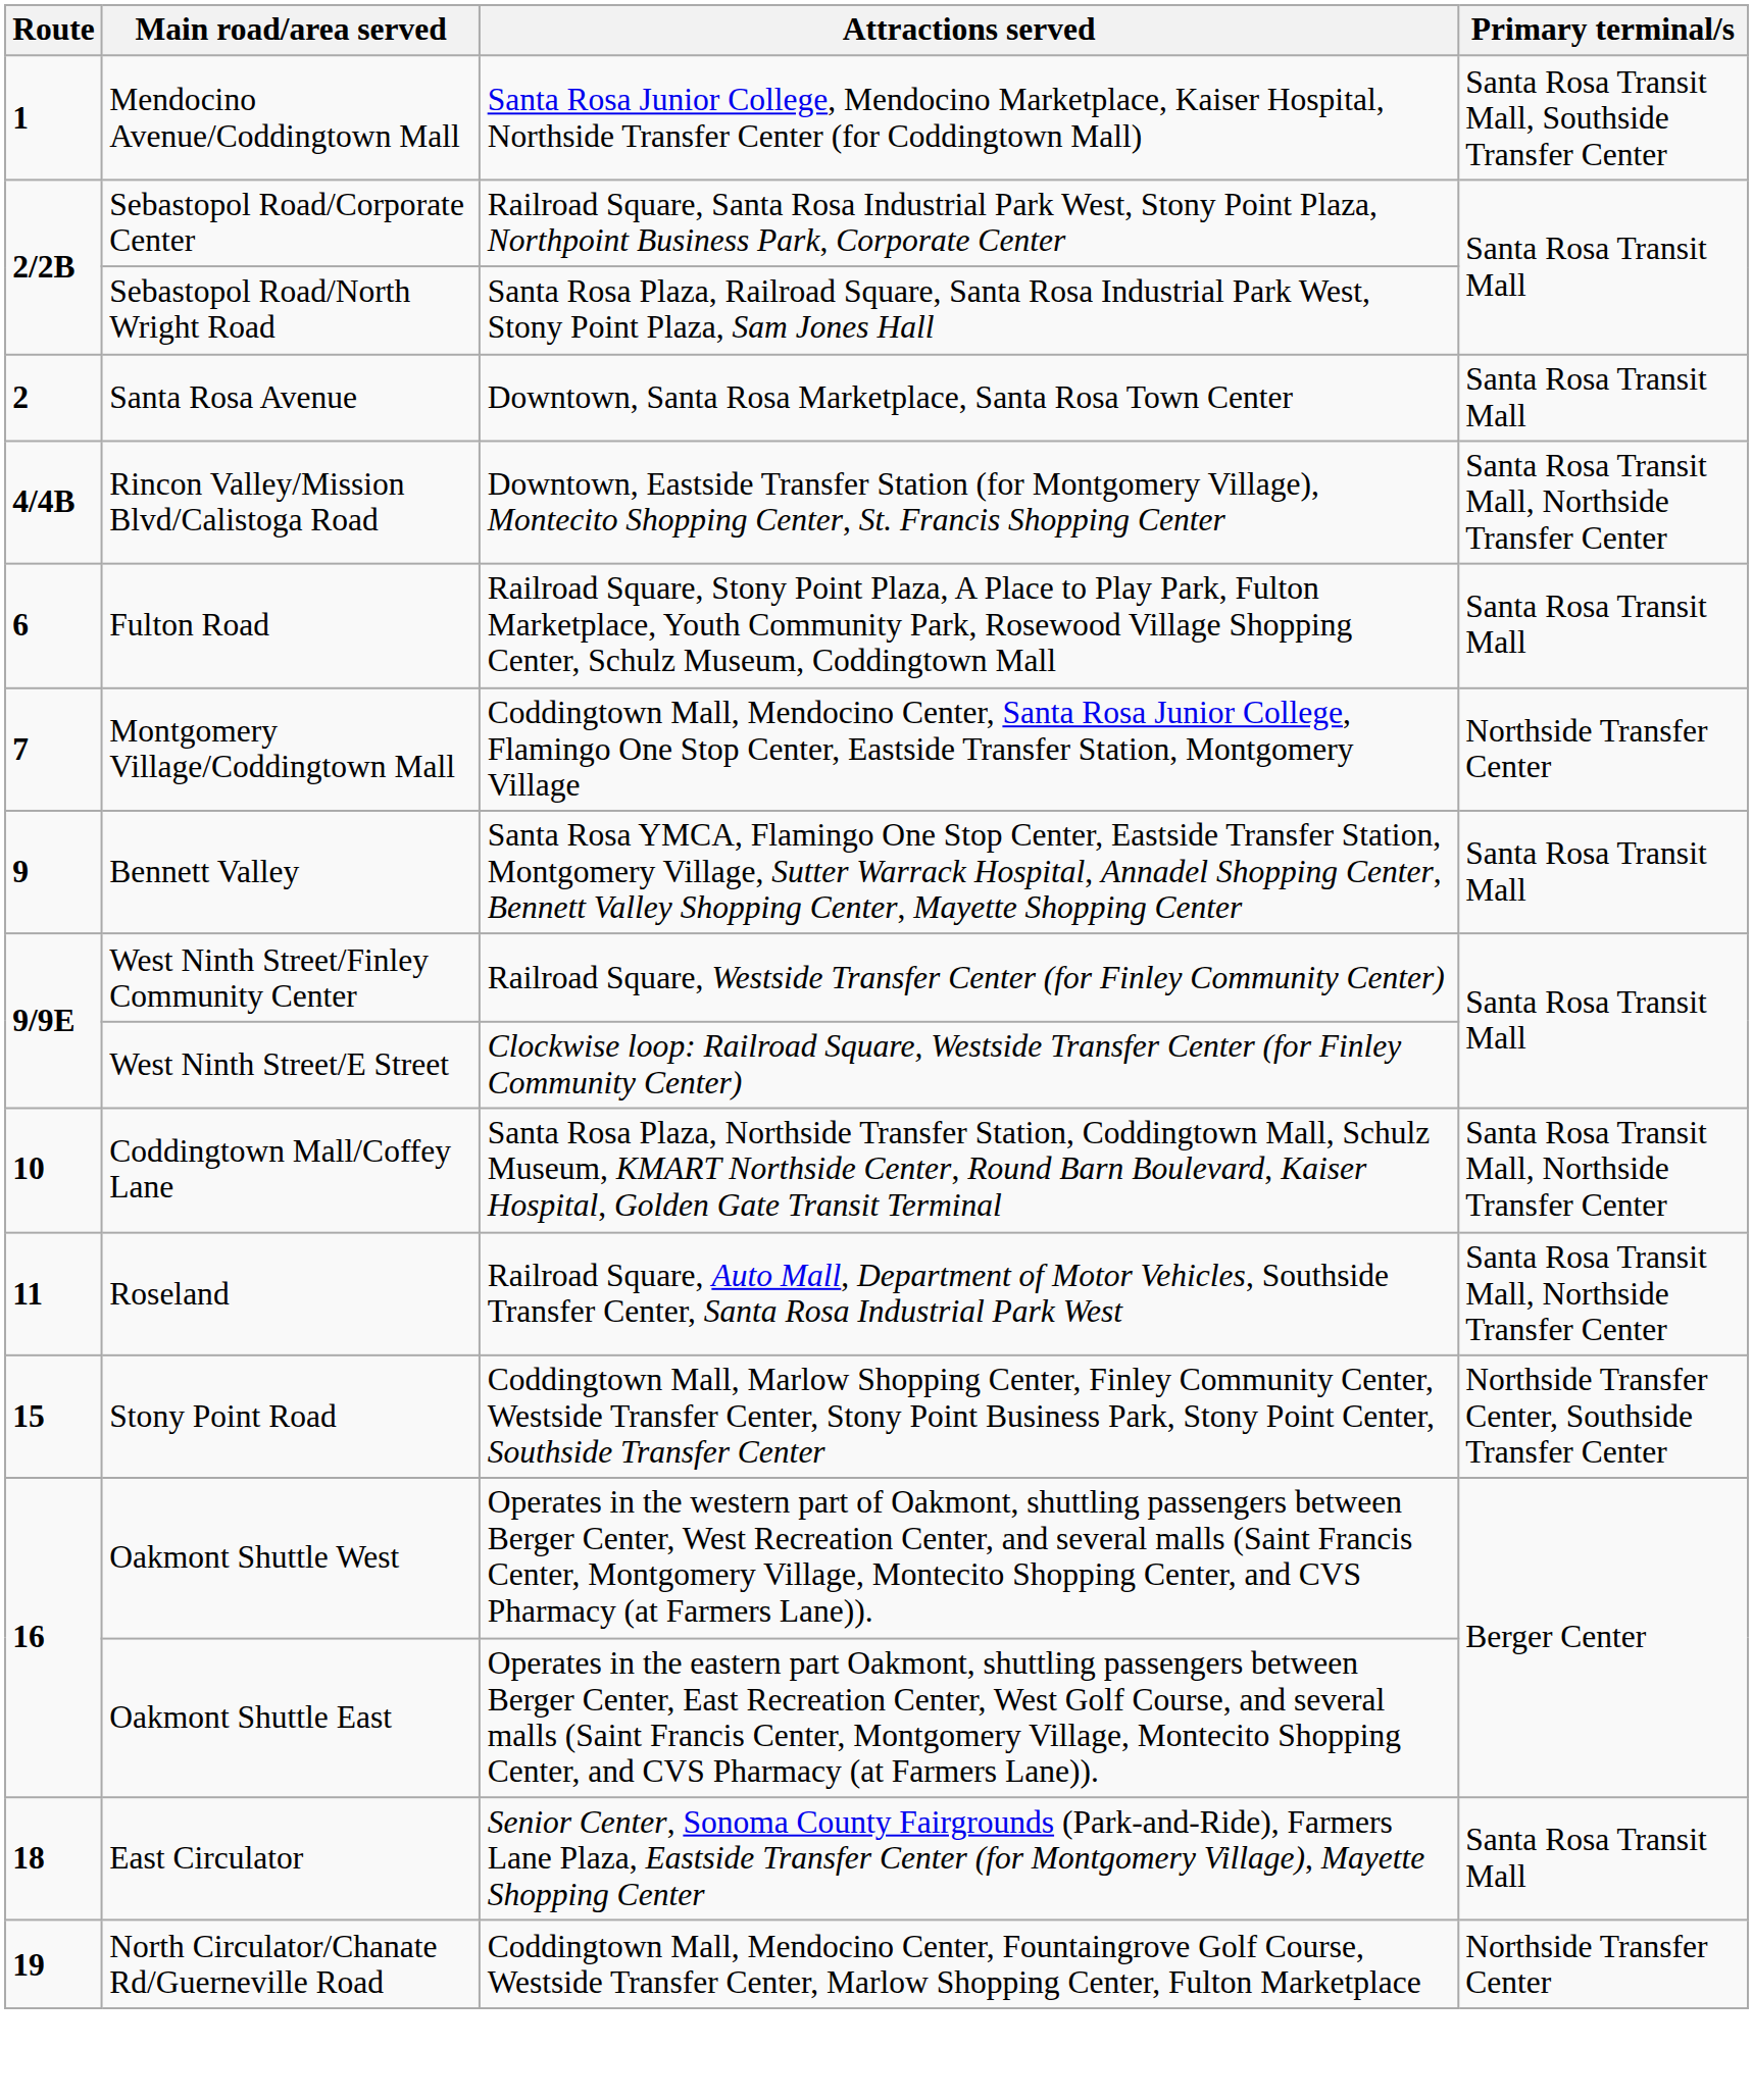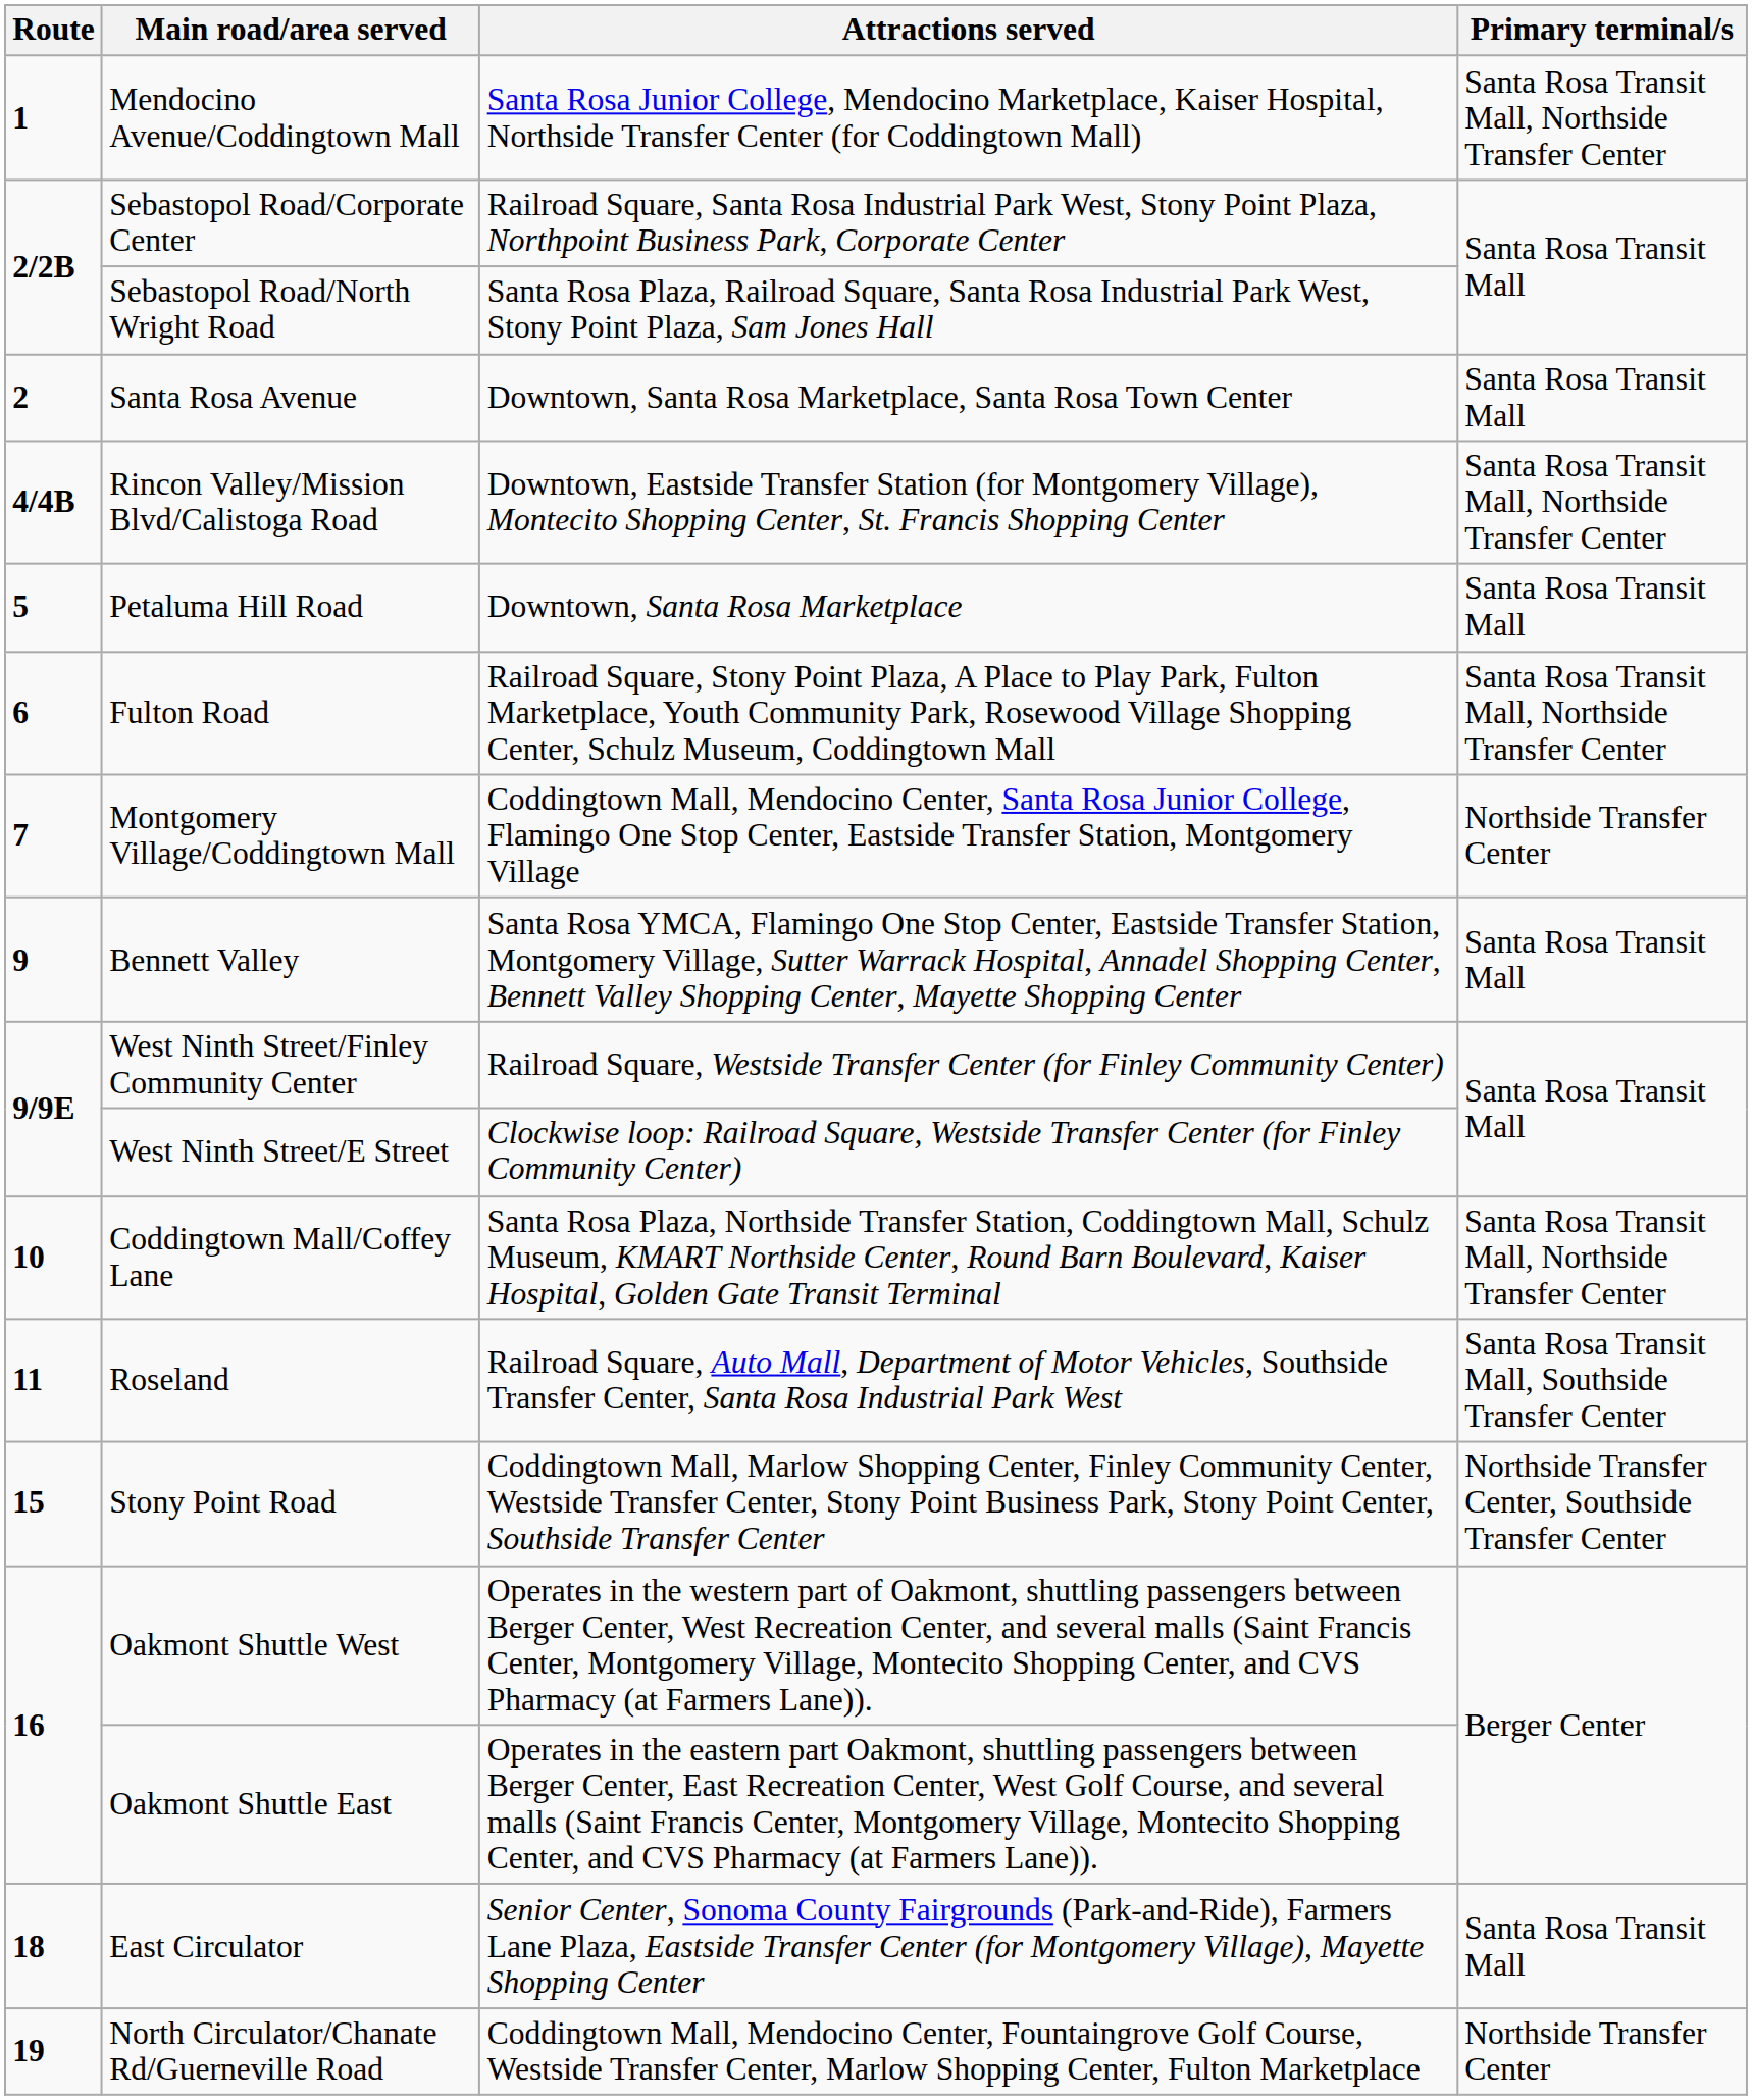 <table class="wikitable" style="text-size: 90%;">
 <tr>
 <th>Route</th>
 <th>Main road/area served</th>
 <th>Attractions served</th>
 <th>Primary terminal/s</th>
 </tr>
 <tr>
 <td><strong>1</strong></td>
 <td>Mendocino Avenue/Coddingtown Mall</td>
 <td><a href='#'>Santa Rosa Junior College</a>, Mendocino Marketplace, Kaiser Hospital, Northside Transfer Center (for Coddingtown Mall)</td>
-<td>Santa Rosa Transit Mall, Southside Transfer Center</td>
+<td>Santa Rosa Transit Mall, Northside Transfer Center</td>
 </tr>
 <tr>
 <td rowspan="2"><strong>2/2B</strong></td>
 <td>Sebastopol Road/Corporate Center</td>
 <td>Railroad Square, Santa Rosa Industrial Park West, Stony Point Plaza, <em>Northpoint Business Park</em>, <em>Corporate Center</em></td>
 <td rowspan="2">Santa Rosa Transit Mall</td>
 </tr>
 <tr>
 <td>Sebastopol Road/North Wright Road</td>
 <td>Santa Rosa Plaza, Railroad Square, Santa Rosa Industrial Park West, Stony Point Plaza, <em>Sam Jones Hall</em></td>
 </tr>
 <tr>
 <td><strong>2</strong></td>
 <td>Santa Rosa Avenue</td>
 <td>Downtown, Santa Rosa Marketplace, Santa Rosa Town Center</td>
 <td>Santa Rosa Transit Mall</td>
 </tr>
 <tr>
 <td><strong>4/4B</strong></td>
 <td>Rincon Valley/Mission Blvd/Calistoga Road</td>
 <td>Downtown, Eastside Transfer Station (for Montgomery Village), <em>Montecito Shopping Center</em>, <em>St. Francis Shopping Center</em></td>
 <td>Santa Rosa Transit Mall, Northside Transfer Center</td>
 </tr>
 <tr>
+<td><strong>5</strong></td>
+<td>Petaluma Hill Road</td>
+<td>Downtown, <em>Santa Rosa Marketplace</em></td>
+<td>Santa Rosa Transit Mall</td>
+</tr>
+<tr>
 <td><strong>6</strong></td>
 <td>Fulton Road</td>
 <td>Railroad Square, Stony Point Plaza, A Place to Play Park, Fulton Marketplace, Youth Community Park, Rosewood Village Shopping Center, Schulz Museum, Coddingtown Mall</td>
-<td>Santa Rosa Transit Mall</td>
+<td>Santa Rosa Transit Mall, Northside Transfer Center</td>
 </tr>
 <tr>
 <td><strong>7</strong></td>
 <td>Montgomery Village/Coddingtown Mall</td>
 <td>Coddingtown Mall, Mendocino Center, <a href='#'>Santa Rosa Junior College</a>, Flamingo One Stop Center, Eastside Transfer Station, Montgomery Village</td>
 <td>Northside Transfer Center</td>
 </tr>
 <tr>
 <td><strong>9</strong></td>
 <td>Bennett Valley</td>
 <td>Santa Rosa YMCA, Flamingo One Stop Center, Eastside Transfer Station, Montgomery Village, <em>Sutter Warrack Hospital</em>, <em>Annadel Shopping Center</em>, <em>Bennett Valley Shopping Center</em>, <em>Mayette Shopping Center</em></td>
 <td>Santa Rosa Transit Mall</td>
 </tr>
 <tr>
 <td rowspan="2"><strong>9/9E</strong></td>
 <td>West Ninth Street/Finley Community Center</td>
 <td>Railroad Square, <em>Westside Transfer Center (for Finley Community Center)</em></td>
 <td rowspan="2">Santa Rosa Transit Mall</td>
 </tr>
 <tr>
 <td>West Ninth Street/E Street</td>
 <td><em>Clockwise loop: Railroad Square, Westside Transfer Center (for Finley Community Center)</em></td>
 </tr>
 <tr>
 <td><strong>10</strong></td>
 <td>Coddingtown Mall/Coffey Lane</td>
 <td>Santa Rosa Plaza, Northside Transfer Station, Coddingtown Mall, Schulz Museum, <em>KMART Northside Center</em>, <em>Round Barn Boulevard</em>, <em>Kaiser Hospital</em>, <em>Golden Gate Transit Terminal</em></td>
 <td>Santa Rosa Transit Mall, Northside Transfer Center</td>
 </tr>
 <tr>
 <td><strong>11</strong></td>
 <td>Roseland</td>
 <td>Railroad Square, <em><a href='#'>Auto Mall</a></em>, <em>Department of Motor Vehicles</em>, Southside Transfer Center, <em>Santa Rosa Industrial Park West</em></td>
-<td>Santa Rosa Transit Mall, Northside Transfer Center</td>
+<td>Santa Rosa Transit Mall, Southside Transfer Center</td>
 </tr>
 <tr>
 <td><strong>15</strong></td>
 <td>Stony Point Road</td>
 <td>Coddingtown Mall, Marlow Shopping Center, Finley Community Center, Westside Transfer Center, Stony Point Business Park, Stony Point Center, <em>Southside Transfer Center</em></td>
 <td>Northside Transfer Center, Southside Transfer Center</td>
 </tr>
 <tr>
 <td rowspan="2"><strong>16</strong></td>
 <td>Oakmont Shuttle West</td>
 <td>Operates in the western part of Oakmont, shuttling passengers between Berger Center, West Recreation Center, and several malls (Saint Francis Center, Montgomery Village, Montecito Shopping Center, and CVS Pharmacy (at Farmers Lane)).</td>
 <td rowspan="2">Berger Center</td>
 </tr>
 <tr>
 <td>Oakmont Shuttle East</td>
 <td>Operates in the eastern part Oakmont, shuttling passengers between Berger Center, East Recreation Center, West Golf Course, and several malls (Saint Francis Center, Montgomery Village, Montecito Shopping Center, and CVS Pharmacy (at Farmers Lane)).</td>
 </tr>
 <tr>
 <td><strong>18</strong></td>
 <td>East Circulator</td>
 <td><em>Senior Center</em>, <a href='#'>Sonoma County Fairgrounds</a> (Park-and-Ride), Farmers Lane Plaza, <em>Eastside Transfer Center (for Montgomery Village)</em>, <em>Mayette Shopping Center</em></td>
 <td>Santa Rosa Transit Mall</td>
 </tr>
 <tr>
 <td><strong>19</strong></td>
 <td>North Circulator/Chanate Rd/Guerneville Road</td>
 <td>Coddingtown Mall, Mendocino Center, Fountaingrove Golf Course, Westside Transfer Center, Marlow Shopping Center, Fulton Marketplace</td>
 <td>Northside Transfer Center</td>
 </tr>
 </table>
